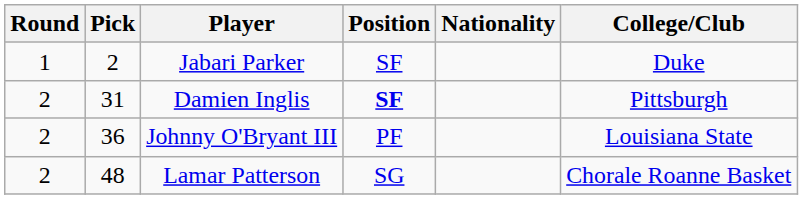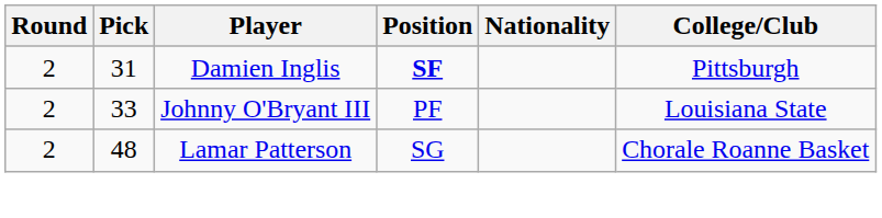 <table class="wikitable sortable sortable">
 <tr>
 <th>Round</th>
 <th>Pick</th>
 <th>Player</th>
 <th>Position</th>
 <th>Nationality</th>
 <th>College/Club</th>
-</tr>
-<tr style="text-align: center">
-<td>1</td>
-<td>2</td>
-<td><a href='#'>Jabari Parker</a></td>
-<td><a href='#'>SF</a></td>
-<td></td>
-<td><a href='#'>Duke</a></td>
 </tr>
 <tr style="text-align: center">
 <td>2</td>
 <td>31</td>
 <td><a href='#'>Damien Inglis</a></td>
 <td><strong><a href='#'>SF</a></strong></td>
 <td></td>
 <td><a href='#'>Pittsburgh</a></td>
 </tr>
 <tr style="text-align: center">
 <td>2</td>
-<td>36</td>
+<td>33</td>
 <td><a href='#'>Johnny O'Bryant III</a></td>
 <td><a href='#'>PF</a></td>
 <td></td>
 <td><a href='#'>Louisiana State</a></td>
 </tr>
 <tr style="text-align: center">
 <td>2</td>
 <td>48</td>
 <td><a href='#'>Lamar Patterson</a></td>
 <td><a href='#'>SG</a></td>
 <td></td>
 <td><a href='#'>Chorale Roanne Basket</a></td>
 </tr>
 </table>
